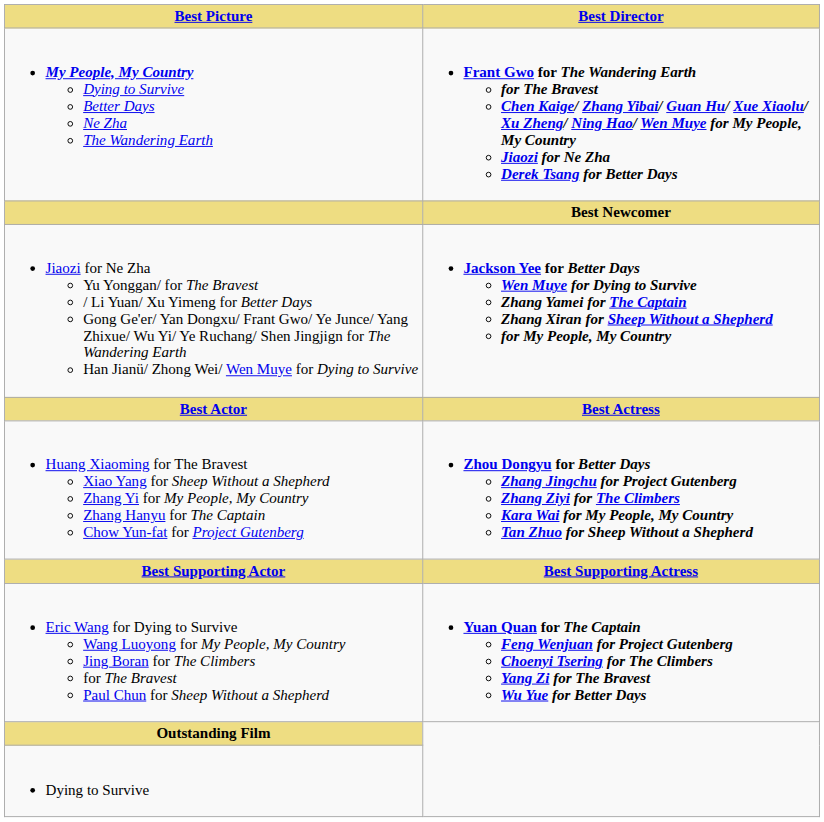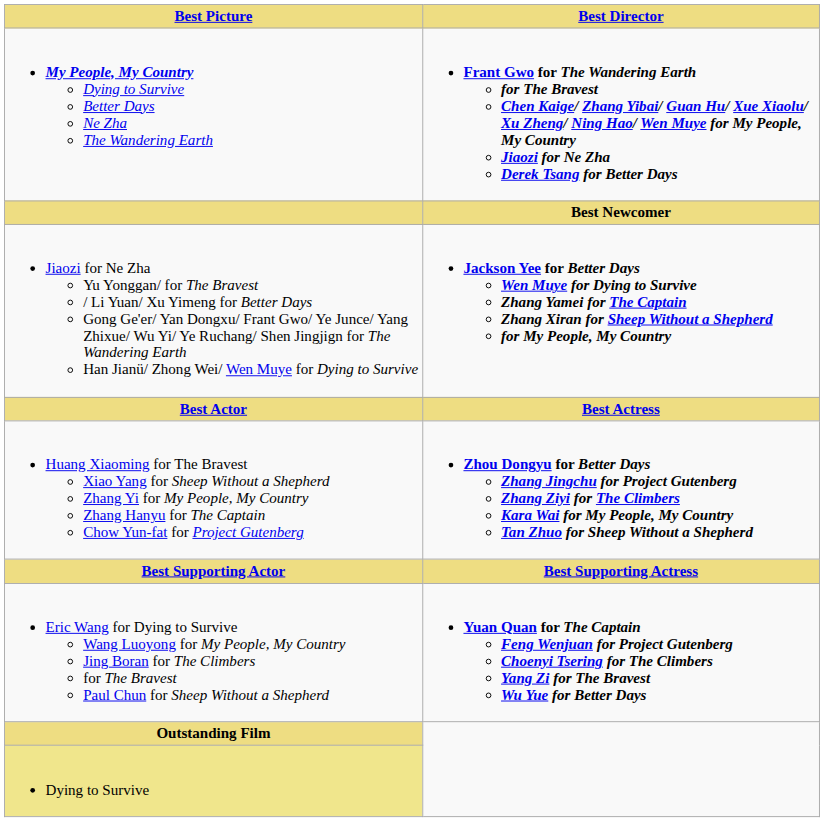 <table class=wikitable>
 <tr>
 <th style="background:#EEDD82; width=50%"><a href='#'>Best Picture</a></th>
 <th style="background:#EEDD82; width=50%"><a href='#'>Best Director</a></th>
 </tr>
 <tr>
 <td valign="top"><br><ul><li><strong><em><a href='#'>My People, My Country</a></em></strong><ul><li><em><a href='#'>Dying to Survive</a></em></li><li><em><a href='#'>Better Days</a></em></li><li><em><a href='#'>Ne Zha</a></em></li><li><em><a href='#'>The Wandering Earth</a></em></li></ul></li></ul></td>
 <td valign="top"><br><ul><li><strong><a href='#'>Frant Gwo</a> for <em>The Wandering Earth<strong><em><ul><li> for </em>The Bravest<em></li><li><a href='#'>Chen Kaige</a>/ <a href='#'>Zhang Yibai</a>/ <a href='#'>Guan Hu</a>/ <a href='#'>Xue Xiaolu</a>/ <a href='#'>Xu Zheng</a>/ <a href='#'>Ning Hao</a>/ <a href='#'>Wen Muye</a> for </em>My People, My Country<em></li><li><a href='#'>Jiaozi</a> for </em>Ne Zha<em></li><li><a href='#'>Derek Tsang</a> for </em>Better Days<em></li></ul></li></ul></td>
 </tr>
 <tr>
 <th style="background:#EEDD82; width=50%"></th>
 <th style="background:#EEDD82; width=50%">Best Newcomer</th>
 </tr>
 <tr>
 <td valign="top"><br><ul><li></strong><a href='#'>Jiaozi</a> for </em>Ne Zha</em></strong><ul><li>Yu Yonggan/  for <em>The Bravest</em></li><li>/ Li Yuan/ Xu Yimeng for <em>Better Days</em></li><li>Gong Ge'er/ Yan Dongxu/ Frant Gwo/ Ye Junce/ Yang Zhixue/ Wu Yi/ Ye Ruchang/ Shen Jingjign  for <em>The Wandering Earth</em></li><li>Han Jianü/ Zhong Wei/ <a href='#'>Wen Muye</a> for <em>Dying to Survive</em></li></ul></li></ul></td>
 <td valign="top"><br><ul><li><strong><a href='#'>Jackson Yee</a> for <em>Better Days<strong><em><ul><li><a href='#'>Wen Muye</a> for </em>Dying to Survive<em></li><li>Zhang Yamei for </em><a href='#'>The Captain</a><em></li><li>Zhang Xiran for </em><a href='#'>Sheep Without a Shepherd</a><em></li><li>for </em>My People, My Country<em></li></ul></li></ul></td>
 </tr>
 <tr>
 <th style="background:#EEDD82; width=50%"><a href='#'>Best Actor</a></th>
 <th style="background:#EEDD82; width=50%"><a href='#'>Best Actress</a></th>
 </tr>
 <tr>
 <td valign="top"><br><ul><li></strong><a href='#'>Huang Xiaoming</a> for </em>The Bravest</em></strong><ul><li><a href='#'>Xiao Yang</a> for <em>Sheep Without a Shepherd</em></li><li><a href='#'>Zhang Yi</a> for <em>My People, My Country</em></li><li><a href='#'>Zhang Hanyu</a> for <em>The Captain</em></li><li><a href='#'>Chow Yun-fat</a> for <em><a href='#'>Project Gutenberg</a></em></li></ul></li></ul></td>
 <td valign="top"><br><ul><li><strong><a href='#'>Zhou Dongyu</a> for <em>Better Days<strong><em><ul><li><a href='#'>Zhang Jingchu</a> for </em>Project Gutenberg<em></li><li><a href='#'>Zhang Ziyi</a> for </em><a href='#'>The Climbers</a><em></li><li><a href='#'>Kara Wai</a> for </em>My People, My Country<em></li><li><a href='#'>Tan Zhuo</a> for </em>Sheep Without a Shepherd<em></li></ul></li></ul></td>
 </tr>
 <tr>
 <th style="background:#EEDD82; width=50%"><a href='#'>Best Supporting Actor</a></th>
 <th style="background:#EEDD82; width=50%"><a href='#'>Best Supporting Actress</a></th>
 </tr>
 <tr>
 <td valign="top"><br><ul><li></strong><a href='#'>Eric Wang</a> for </em>Dying to Survive</em></strong><ul><li><a href='#'>Wang Luoyong</a> for <em>My People, My Country</em></li><li><a href='#'>Jing Boran</a> for <em>The Climbers</em></li><li> for <em>The Bravest</em></li><li><a href='#'>Paul Chun</a> for <em>Sheep Without a Shepherd</em></li></ul></li></ul></td>
 <td valign="top"><br><ul><li><strong><a href='#'>Yuan Quan</a> for <em>The Captain<strong><em><ul><li><a href='#'>Feng Wenjuan</a> for </em>Project Gutenberg<em></li><li><a href='#'>Choenyi Tsering</a> for </em>The Climbers<em></li><li><a href='#'>Yang Zi</a> for </em>The Bravest<em></li><li><a href='#'>Wu Yue</a> for </em>Better Days<em></li></ul></li></ul></td>
 </tr>
 <tr>
 <th style="background:#EEDD82; width=50%">Outstanding Film</th>
 </tr>
 <tr>
-<td valign="top"><br><ul><li></em></strong>Dying to Survive<strong><em></li></ul></td>
+<td valign="top" style="background: khaki;"><br><ul><li></em></strong>Dying to Survive<strong><em></li></ul></td>
 </tr>
 </table>
